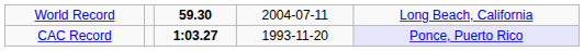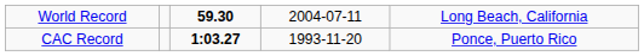 <table class="wikitable" style=" text-align:center; font-size:95%;" width="75%">
 <tr>
 <td><a href='#'>World Record</a></td>
 <td></td>
 <td><strong>59.30</strong></td>
 <td>2004-07-11</td>
 <td> <a href='#'>Long Beach, California</a></td>
 </tr>
 <tr>
 <td><a href='#'>CAC Record</a></td>
 <td></td>
 <td><strong>1:03.27</strong></td>
 <td>1993-11-20</td>
-<td style="background: lavender;"> <a href='#'>Ponce, Puerto Rico</a></td>
+<td> <a href='#'>Ponce, Puerto Rico</a></td>
 </tr>
 </table>
